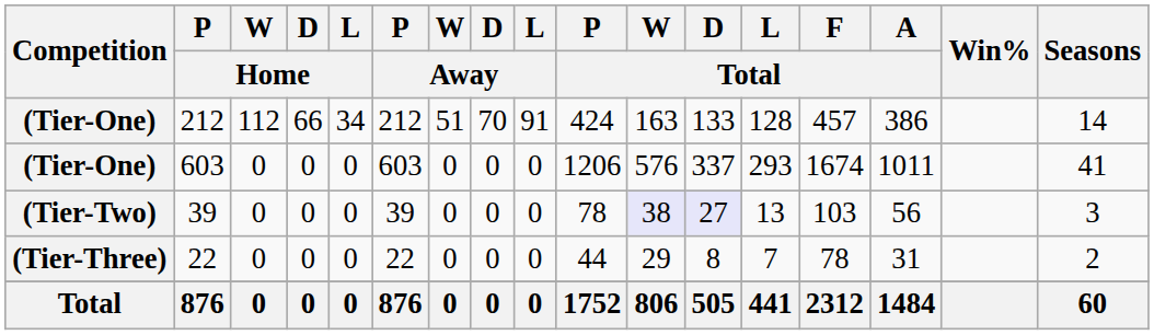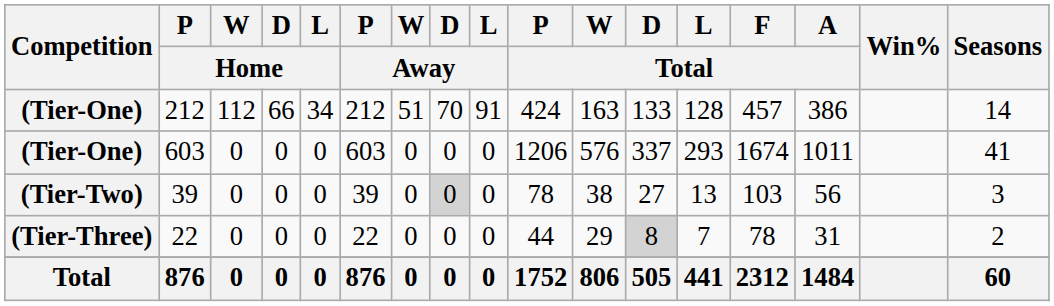 <table class="wikitable plainrowheaders sortable" style="text-align:center">
 <tr>
 <th scope="col" rowspan="2">Competition</th>
 <th scope="col">P</th>
 <th scope="col">W</th>
 <th scope="col">D</th>
 <th scope="col">L</th>
 <th scope="col">P</th>
 <th scope="col">W</th>
 <th scope="col">D</th>
 <th scope="col">L</th>
 <th scope="col">P</th>
 <th scope="col">W</th>
 <th scope="col">D</th>
 <th scope="col">L</th>
 <th scope="col">F</th>
 <th scope="col">A</th>
 <th scope="col" rowspan="2">Win%</th>
 <th scope="col" rowspan="2">Seasons</th>
 </tr>
 <tr class="unsortable">
 <th colspan="4">Home</th>
 <th colspan="4">Away</th>
 <th colspan="6">Total</th>
 </tr>
 <tr>
 <th scope="row" align=left> (Tier-One)</th>
 <td>212</td>
 <td>112</td>
 <td>66</td>
 <td>34</td>
 <td>212</td>
 <td>51</td>
 <td>70</td>
 <td>91</td>
 <td>424</td>
 <td>163</td>
 <td>133</td>
 <td>128</td>
 <td>457</td>
 <td>386</td>
 <td></td>
 <td>14</td>
 </tr>
 <tr>
 <th scope="row" align=left> (Tier-One)</th>
 <td>603</td>
 <td>0</td>
 <td>0</td>
 <td>0</td>
 <td>603</td>
 <td>0</td>
 <td>0</td>
 <td>0</td>
 <td>1206</td>
 <td>576</td>
 <td>337</td>
 <td>293</td>
 <td>1674</td>
 <td>1011</td>
 <td></td>
 <td>41</td>
 </tr>
 <tr>
 <th scope="row" align=left> (Tier-Two)</th>
 <td>39</td>
 <td>0</td>
 <td>0</td>
 <td>0</td>
 <td>39</td>
 <td>0</td>
-<td>0</td>
+<td style="background: lightgrey;">0</td>
 <td>0</td>
 <td>78</td>
-<td style="background: lavender;">38</td>
-<td style="background: lavender;">27</td>
+<td>38</td>
+<td>27</td>
 <td>13</td>
 <td>103</td>
 <td>56</td>
 <td></td>
 <td>3</td>
 </tr>
 <tr>
 <th scope="row" align=left> (Tier-Three)</th>
 <td>22</td>
 <td>0</td>
 <td>0</td>
 <td>0</td>
 <td>22</td>
 <td>0</td>
 <td>0</td>
 <td>0</td>
 <td>44</td>
 <td>29</td>
-<td>8</td>
+<td style="background: lightgrey;">8</td>
 <td>7</td>
 <td>78</td>
 <td>31</td>
 <td></td>
 <td>2</td>
 </tr>
 <tr>
 </tr>
 <tr class="sortbottom">
 <th>Total</th>
 <th>876</th>
 <th>0</th>
 <th>0</th>
 <th>0</th>
 <th>876</th>
 <th>0</th>
 <th>0</th>
 <th>0</th>
 <th>1752</th>
 <th>806</th>
 <th>505</th>
 <th>441</th>
 <th>2312</th>
 <th>1484</th>
 <th></th>
 <th>60</th>
 </tr>
 </table>
